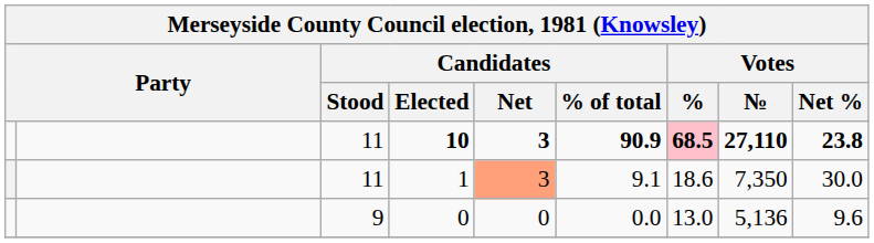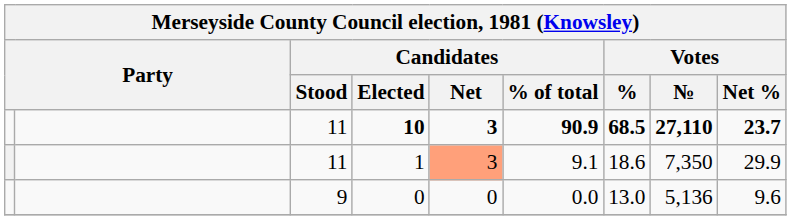 <table class="wikitable" style="font-size:95%">
 <tr>
 <th colspan="16" style="background-color:#f2f2f2">Merseyside County Council election, 1981 (<a href='#'>Knowsley</a>)</th>
 </tr>
 <tr style="vertical-align:center;">
 <th colspan="2" rowspan="2">Party</th>
 <th colspan="4" style="width: 30px">Candidates</th>
 <th colspan="3" style="width: 30px">Votes</th>
 </tr>
 <tr>
 <th>Stood</th>
 <th>Elected</th>
 <th style="width: 45px">Net</th>
 <th>% of total</th>
 <th>%</th>
 <th>№</th>
 <th>Net %</th>
 </tr>
 <tr>
 <td style="background-color: "></td>
 <td style="width: 190px"><a href='#'></a></td>
 <td style="text-align:right; ">11</td>
 <td style="text-align:right; "><strong>10</strong></td>
 <td style="text-align:right; "><span><strong>3</strong></span></td>
 <td style="text-align:right; "><strong>90.9</strong></td>
-<td style="background: pink; text-align:right; "><strong>68.5</strong></td>
+<td style="text-align:right; "><strong>68.5</strong></td>
 <td style="text-align:right; "><strong>27,110</strong></td>
-<td style="text-align:right; "><span><strong>23.8</strong></span></td>
+<td style="text-align:right; "><span><strong>23.7</strong></span></td>
 </tr>
 <tr>
 <th style="background-color: "></th>
 <td style="width: 190px"><a href='#'></a></td>
 <td style="text-align:right; ">11</td>
 <td style="text-align:right; ">1</td>
 <td style="background: lightsalmon; text-align:right; "><span>3</span></td>
 <td style="text-align:right; ">9.1</td>
 <td style="text-align:right; ">18.6</td>
 <td style="text-align:right; ">7,350</td>
-<td style="text-align:right; "><span>30.0</span></td>
+<td style="text-align:right; "><span>29.9</span></td>
 </tr>
 <tr>
 <td style="background-color: "></td>
 <td style="width: 190px"><a href='#'></a></td>
 <td style="text-align:right; ">9</td>
 <td style="text-align:right; ">0</td>
 <td style="text-align:right; ">0</td>
 <td style="text-align:right; ">0.0</td>
 <td style="text-align:right; ">13.0</td>
 <td style="text-align:right; ">5,136</td>
 <td style="text-align:right; "><span>9.6</span></td>
 </tr>
 <tr>
 </tr>
 </table>
